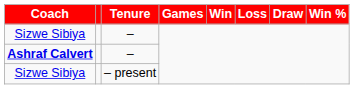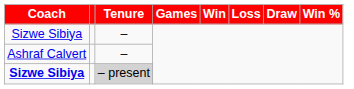 <table class="wikitable" style="text-align:center">
 <tr>
 <th style="background:#ff0000; color:#fff;">Coach</th>
 <th style="background:#ff0000; color:#fff;"></th>
 <th style="background:#ff0000; color:#fff;">Tenure</th>
 <th style="background:#ff0000; color:#fff;">Games</th>
 <th style="background:#ff0000; color:#fff;">Win</th>
 <th style="background:#ff0000; color:#fff;">Loss</th>
 <th style="background:#ff0000; color:#fff;">Draw</th>
 <th style="background:#ff0000; color:#fff;">Win %</th>
 </tr>
 <tr>
 <td><a href='#'>Sizwe Sibiya</a></td>
 <td></td>
 <td> – <br></td>
 </tr>
 <tr>
-<td><strong><a href='#'>Ashraf Calvert</a></strong></td>
+<td><a href='#'>Ashraf Calvert</a></td>
 <td></td>
 <td> – <br> </td>
 </tr>
 <tr>
-<td><a href='#'>Sizwe Sibiya</a></td>
+<td><strong><a href='#'>Sizwe Sibiya</a></strong></td>
 <td></td>
-<td> – present<br> </td>
+<td style="background: lightgrey;"> – present<br> </td>
 </tr>
 </table>
